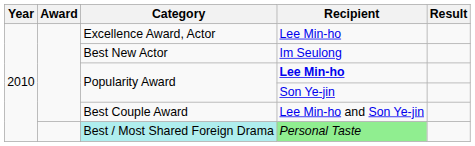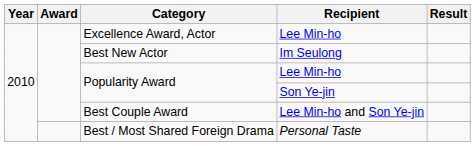 <table class="wikitable">
 <tr>
 <th>Year</th>
 <th>Award</th>
 <th>Category</th>
 <th>Recipient</th>
 <th>Result</th>
 </tr>
 <tr>
 <td rowspan="6">2010</td>
 <td rowspan="5"></td>
 <td>Excellence Award, Actor</td>
 <td><a href='#'>Lee Min-ho</a></td>
 <td></td>
 </tr>
 <tr>
 <td>Best New Actor</td>
 <td><a href='#'>Im Seulong</a></td>
 <td></td>
 </tr>
 <tr>
 <td rowspan="2">Popularity Award</td>
-<td><strong><a href='#'>Lee Min-ho</a></strong></td>
+<td><a href='#'>Lee Min-ho</a></td>
 <td></td>
 </tr>
 <tr>
 <td><a href='#'>Son Ye-jin</a></td>
 <td></td>
 </tr>
 <tr>
 <td>Best Couple Award</td>
 <td><a href='#'>Lee Min-ho</a> and <a href='#'>Son Ye-jin</a></td>
 <td></td>
 </tr>
 <tr>
 <td></td>
-<td style="background: paleturquoise;">Best / Most Shared Foreign Drama</td>
-<td style="background: lightgreen;"><em>Personal Taste</em></td>
+<td>Best / Most Shared Foreign Drama</td>
+<td><em>Personal Taste</em></td>
 <td></td>
 </tr>
 </table>
